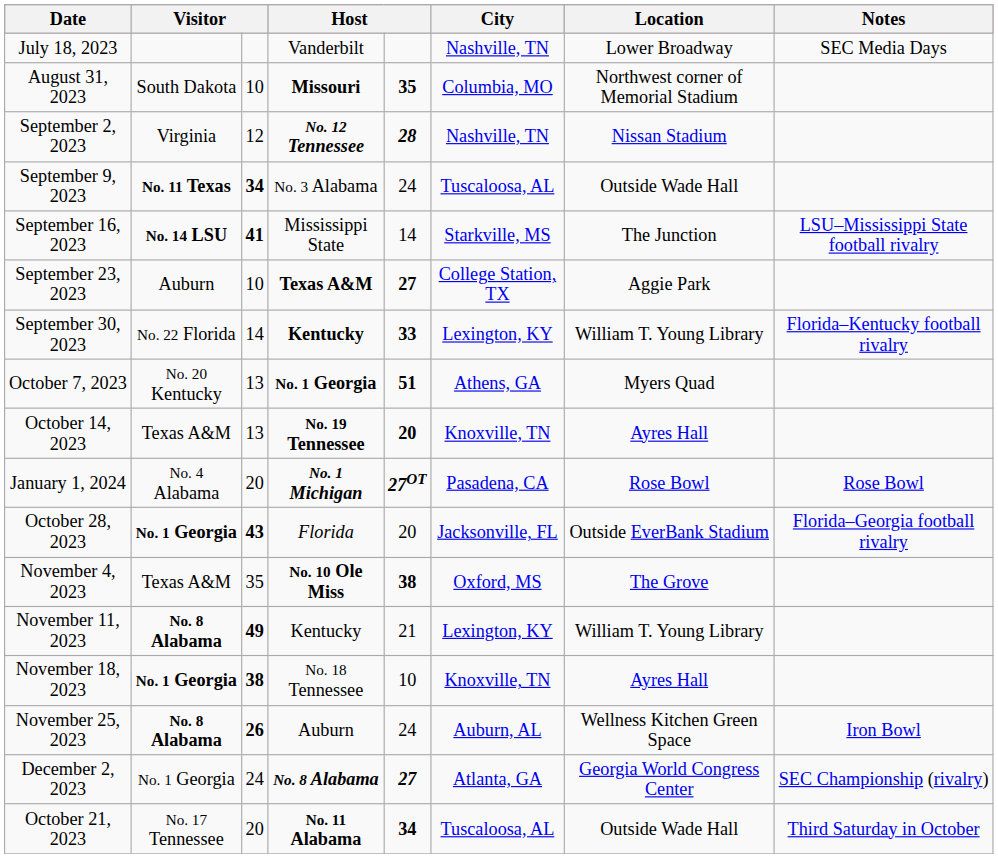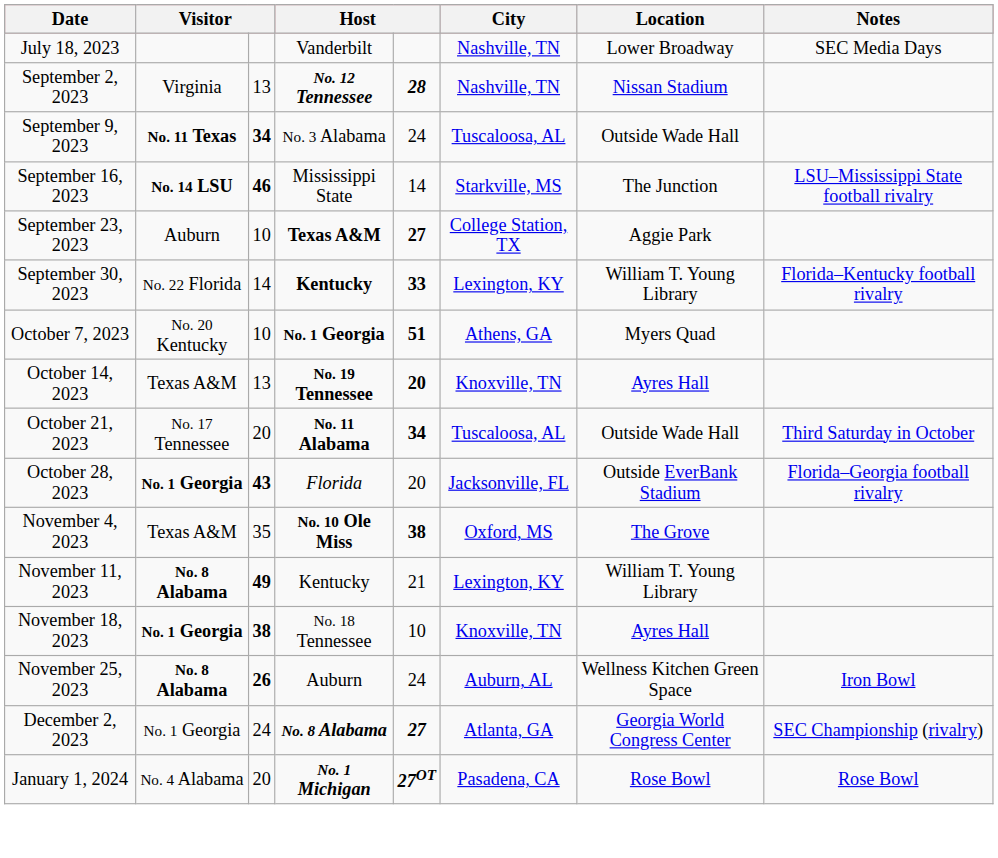 <table class="wikitable" style="text-align:center">
 <tr style="background:#A32638;"|>
 <th>Date</th>
 <th colspan=2>Visitor</th>
 <th colspan=2>Host</th>
 <th>City</th>
 <th>Location</th>
 <th>Notes</th>
 </tr>
 <tr>
 <td>July 18, 2023</td>
 <td></td>
 <td></td>
 <td>Vanderbilt</td>
 <td></td>
 <td><a href='#'>Nashville, TN</a></td>
 <td>Lower Broadway</td>
 <td>SEC Media Days</td>
 </tr>
 <tr>
-<td>August 31, 2023</td>
-<td>South Dakota</td>
-<td>10</td>
-<td><strong>Missouri</strong></td>
-<td><strong>35</strong></td>
-<td><a href='#'>Columbia, MO</a></td>
-<td>Northwest corner of Memorial Stadium</td>
-<td></td>
-</tr>
-<tr>
 <td>September 2, 2023</td>
 <td>Virginia</td>
-<td>12</td>
+<td>13</td>
 <td><strong><em><small>No. 12</small> Tennessee</em></strong></td>
 <td><strong><em>28</em></strong></td>
 <td><a href='#'>Nashville, TN</a></td>
 <td><a href='#'>Nissan Stadium</a></td>
 <td></td>
 </tr>
 <tr>
 <td>September 9, 2023</td>
 <td><strong><small>No. 11</small> Texas</strong></td>
 <td><strong>34</strong></td>
 <td><small>No. 3</small> Alabama</td>
 <td>24</td>
 <td><a href='#'>Tuscaloosa, AL</a></td>
 <td>Outside Wade Hall</td>
 <td></td>
 </tr>
 <tr>
 <td>September 16, 2023</td>
 <td><strong><small>No. 14</small> LSU</strong></td>
-<td><strong>41</strong></td>
+<td><strong>46</strong></td>
 <td>Mississippi State</td>
 <td>14</td>
 <td><a href='#'>Starkville, MS</a></td>
 <td>The Junction</td>
 <td><a href='#'>LSU–Mississippi State football rivalry</a></td>
 </tr>
 <tr>
 <td>September 23, 2023</td>
 <td>Auburn</td>
 <td>10</td>
 <td><strong>Texas A&M</strong></td>
 <td><strong>27</strong></td>
 <td><a href='#'>College Station, TX</a></td>
 <td>Aggie Park</td>
 <td></td>
 </tr>
 <tr>
 <td>September 30, 2023</td>
 <td><small>No. 22</small> Florida</td>
 <td>14</td>
 <td><strong>Kentucky</strong></td>
 <td><strong>33</strong></td>
 <td><a href='#'>Lexington, KY</a></td>
 <td>William T. Young Library</td>
 <td><a href='#'>Florida–Kentucky football rivalry</a></td>
 </tr>
 <tr>
 <td>October 7, 2023</td>
 <td><small>No. 20</small> Kentucky</td>
-<td>13</td>
+<td>10</td>
 <td><strong><small>No. 1</small> Georgia</strong></td>
 <td><strong>51</strong></td>
 <td><a href='#'>Athens, GA</a></td>
 <td>Myers Quad</td>
 <td></td>
 </tr>
 <tr>
 <td>October 14, 2023</td>
 <td>Texas A&M</td>
 <td>13</td>
 <td><strong><small>No. 19</small> Tennessee</strong></td>
 <td><strong>20</strong></td>
 <td><a href='#'>Knoxville, TN</a></td>
 <td><a href='#'>Ayres Hall</a></td>
 <td></td>
 </tr>
 <tr>
-<td>January 1, 2024</td>
-<td><small> No. 4</small> Alabama</td>
+<td>October 21, 2023</td>
+<td><small>No. 17</small> Tennessee</td>
 <td>20</td>
-<td><strong><em><small> No. 1</small> Michigan</em></strong></td>
-<td><strong><em>27<sup>OT</sup></em></strong></td>
-<td><a href='#'>Pasadena, CA</a></td>
-<td><a href='#'>Rose Bowl</a></td>
-<td><a href='#'>Rose Bowl</a></td>
+<td><strong><small>No. 11</small> Alabama</strong></td>
+<td><strong>34</strong></td>
+<td><a href='#'>Tuscaloosa, AL</a></td>
+<td>Outside Wade Hall</td>
+<td><a href='#'>Third Saturday in October</a></td>
 </tr>
 <tr>
 <td>October 28, 2023</td>
 <td><strong><small>No. 1</small> Georgia</strong></td>
 <td><strong>43</strong></td>
 <td><em>Florida</em></td>
 <td>20</td>
 <td><a href='#'>Jacksonville, FL</a></td>
 <td>Outside <a href='#'>EverBank Stadium</a></td>
 <td><a href='#'>Florida–Georgia football rivalry</a></td>
 </tr>
 <tr>
 <td>November 4, 2023</td>
 <td>Texas A&M</td>
 <td>35</td>
 <td><strong><small>No. 10</small> Ole Miss</strong></td>
 <td><strong>38</strong></td>
 <td><a href='#'>Oxford, MS</a></td>
 <td><a href='#'>The Grove</a></td>
 <td></td>
 </tr>
 <tr>
 <td>November 11, 2023</td>
 <td><strong><small>No. 8</small> Alabama</strong></td>
 <td><strong>49</strong></td>
 <td>Kentucky</td>
 <td>21</td>
 <td><a href='#'>Lexington, KY</a></td>
 <td>William T. Young Library</td>
 <td></td>
 </tr>
 <tr>
 <td>November 18, 2023</td>
 <td><strong><small>No. 1</small> Georgia</strong></td>
 <td><strong>38</strong></td>
 <td><small> No. 18</small> Tennessee</td>
 <td>10</td>
 <td><a href='#'>Knoxville, TN</a></td>
 <td><a href='#'>Ayres Hall</a></td>
 <td></td>
 </tr>
 <tr>
 <td>November 25, 2023</td>
 <td><strong><small>No. 8</small> Alabama</strong></td>
 <td><strong>26</strong></td>
 <td>Auburn</td>
 <td>24</td>
 <td><a href='#'>Auburn, AL</a></td>
 <td>Wellness Kitchen Green Space</td>
 <td><a href='#'>Iron Bowl</a></td>
 </tr>
 <tr>
 <td>December 2, 2023</td>
 <td><small> No. 1</small> Georgia</td>
 <td>24</td>
 <td><strong><em><small> No. 8</small> Alabama</em></strong></td>
 <td><strong><em>27</em></strong></td>
 <td><a href='#'>Atlanta, GA</a></td>
 <td><a href='#'>Georgia World Congress Center</a></td>
 <td><a href='#'>SEC Championship</a> (<a href='#'>rivalry</a>)</td>
 </tr>
 <tr>
-<td>October 21, 2023</td>
-<td><small>No. 17</small> Tennessee</td>
+<td>January 1, 2024</td>
+<td><small> No. 4</small> Alabama</td>
 <td>20</td>
-<td><strong><small>No. 11</small> Alabama</strong></td>
-<td><strong>34</strong></td>
-<td><a href='#'>Tuscaloosa, AL</a></td>
-<td>Outside Wade Hall</td>
-<td><a href='#'>Third Saturday in October</a></td>
+<td><strong><em><small> No. 1</small> Michigan</em></strong></td>
+<td><strong><em>27<sup>OT</sup></em></strong></td>
+<td><a href='#'>Pasadena, CA</a></td>
+<td><a href='#'>Rose Bowl</a></td>
+<td><a href='#'>Rose Bowl</a></td>
 </tr>
 </table>
